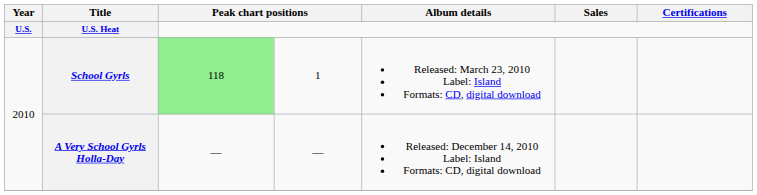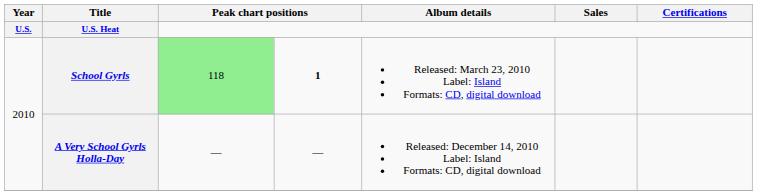 <table class="wikitable plainrowheaders" style="text-align:center;" border="1">
 <tr>
 <th scope="col" rowspan="2" style="width:3em;">Year</th>
 <th scope="col" rowspan="2" style="width:10em;">Title</th>
 <th scope="col" colspan="2" style="width:18em;">Peak chart positions</th>
 <th scope="col" rowspan="2" style="width:17em;">Album details</th>
 <th scope="col" rowspan="2" style="width:7em;">Sales</th>
 <th scope="col" rowspan="2" style="width:10em;"><a href='#'>Certifications</a></th>
 </tr>
 <tr>
 </tr>
 <tr style="font-size:smaller;">
 <th style="width:30px;"><a href='#'>U.S.</a><br></th>
 <th style="width:30px;"><a href='#'>U.S. Heat</a><br></th>
 </tr>
 <tr>
 <td rowspan="2">2010</td>
 <th scope="row"><em><a href='#'>School Gyrls</a></em></th>
 <td style="background: lightgreen;">118</td>
-<td>1</td>
+<td><strong>1</strong></td>
 <td><br><ul><li>Released: March 23, 2010</li><li>Label: <a href='#'>Island</a></li><li>Formats: <a href='#'>CD</a>, <a href='#'>digital download</a></li></ul></td>
 <td></td>
 <td></td>
 </tr>
 <tr>
 <th scope="row"><em><a href='#'>A Very School Gyrls Holla-Day</a></em></th>
 <td>—</td>
 <td>—</td>
 <td><br><ul><li>Released: December 14, 2010</li><li>Label: Island</li><li>Formats: CD, digital download</li></ul></td>
 <td></td>
 <td></td>
 </tr>
 <tr>
 </tr>
 </table>
